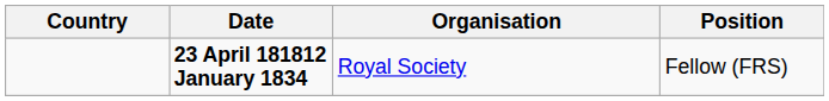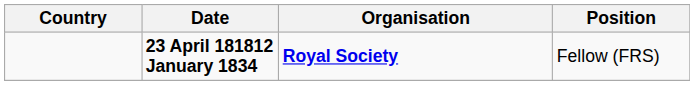 <table class="wikitable" style="width:100%;">
 <tr>
 <th style="width:20%;">Country</th>
 <th style="width:20%;">Date</th>
 <th style="width:40%;">Organisation</th>
 <th style="width:20%;">Position</th>
 </tr>
 <tr>
 <td></td>
 <td><strong>23 April 181812 January 1834</strong></td>
-<td><a href='#'>Royal Society</a></td>
+<td><strong><a href='#'>Royal Society</a></strong></td>
 <td>Fellow (FRS)</td>
 </tr>
 <tr>
 </tr>
 </table>
